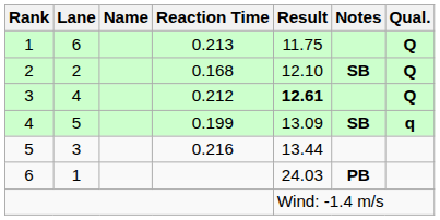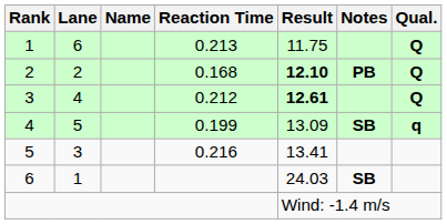 <table class="wikitable" style="text-align:center">
 <tr>
 <th>Rank</th>
 <th>Lane</th>
 <th>Name</th>
 <th>Reaction Time</th>
 <th>Result</th>
 <th>Notes</th>
 <th>Qual.</th>
 </tr>
 <tr bgcolor=ccffcc>
 <td>1</td>
 <td>6</td>
 <td align="left"></td>
 <td>0.213</td>
 <td>11.75</td>
 <td></td>
 <td><strong>Q</strong></td>
 </tr>
 <tr bgcolor=ccffcc>
 <td>2</td>
 <td>2</td>
 <td align="left"></td>
 <td>0.168</td>
-<td>12.10</td>
-<td><strong>SB</strong></td>
+<td><strong>12.10</strong></td>
+<td><strong>PB</strong></td>
 <td><strong>Q</strong></td>
 </tr>
 <tr bgcolor=ccffcc>
 <td>3</td>
 <td>4</td>
 <td align="left"></td>
 <td>0.212</td>
 <td><strong>12.61</strong></td>
 <td></td>
 <td><strong>Q</strong></td>
 </tr>
 <tr bgcolor=ccffcc>
 <td>4</td>
 <td>5</td>
 <td align="left"></td>
 <td>0.199</td>
 <td>13.09</td>
 <td><strong>SB</strong></td>
 <td><strong>q</strong></td>
 </tr>
 <tr>
 <td>5</td>
 <td>3</td>
 <td align="left"></td>
 <td>0.216</td>
-<td>13.44</td>
+<td>13.41</td>
 <td></td>
 <td></td>
 </tr>
 <tr>
 <td>6</td>
 <td>1</td>
 <td align="left"></td>
 <td></td>
 <td>24.03</td>
-<td><strong>PB</strong></td>
+<td><strong>SB</strong></td>
 <td></td>
 </tr>
 <tr class="sortbottom">
 <td colspan=4></td>
 <td colspan="3" style="text-align:left;">Wind: -1.4 m/s</td>
 </tr>
 </table>
